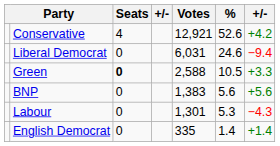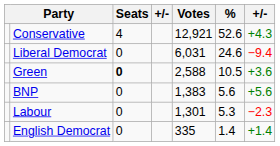 <table class="wikitable">
 <tr>
 <th colspan="2">Party</th>
 <th>Seats</th>
 <th>+/-</th>
 <th>Votes</th>
 <th>%</th>
 <th>+/-</th>
 </tr>
 <tr>
 <td style="background-color: "></td>
 <td><a href='#'>Conservative</a></td>
 <td>4</td>
 <td></td>
 <td>12,921</td>
 <td>52.6</td>
-<td style="color:green">+4.2</td>
+<td style="color:green">+4.3</td>
 </tr>
 <tr>
 <td style="background-color: "></td>
 <td><a href='#'>Liberal Democrat</a></td>
 <td>0</td>
 <td></td>
 <td>6,031</td>
 <td>24.6</td>
 <td style="color:red">−9.4</td>
 </tr>
 <tr>
 <td style="background-color: "></td>
 <td><a href='#'>Green</a></td>
 <td><strong>0</strong></td>
 <td></td>
 <td>2,588</td>
 <td>10.5</td>
-<td style="color:green">+3.3</td>
+<td style="color:green">+3.6</td>
 </tr>
 <tr>
 <td style="background-color: "></td>
 <td><a href='#'>BNP</a></td>
 <td>0</td>
 <td></td>
 <td>1,383</td>
 <td>5.6</td>
 <td style="color:green">+5.6</td>
 </tr>
 <tr>
 <td style="background-color: "></td>
 <td><a href='#'>Labour</a></td>
 <td>0</td>
 <td></td>
 <td>1,301</td>
 <td>5.3</td>
-<td style="color:red">−4.3</td>
+<td style="color:red">−2.3</td>
 </tr>
 <tr>
 <td style="background-color: "></td>
 <td><a href='#'>English Democrat</a></td>
 <td>0</td>
 <td></td>
 <td>335</td>
 <td>1.4</td>
 <td style="color:green">+1.4</td>
 </tr>
 </table>
